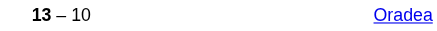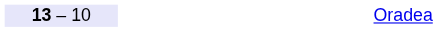 <table style="text-align:center">
 <tr>
 <th width=200></th>
 <th width=100></th>
 <th width=200></th>
 <th width=100></th>
 </tr>
 <tr>
 <td align=right><strong></strong></td>
-<td><strong>13</strong> – 10</td>
+<td style="background: lavender;"><strong>13</strong> – 10</td>
 <td align=left></td>
 <td><a href='#'>Oradea</a></td>
 </tr>
 </table>
